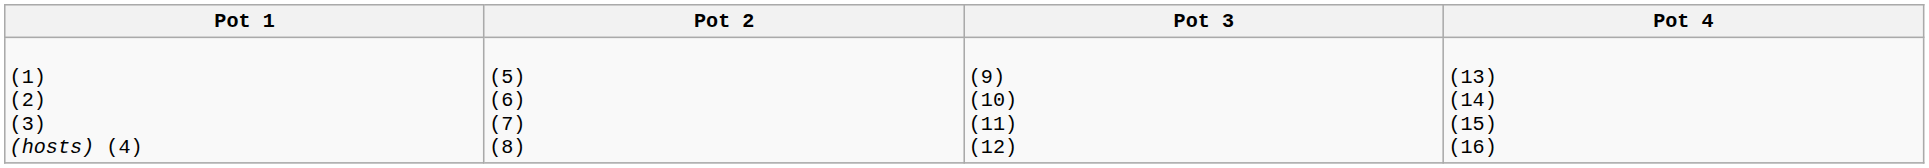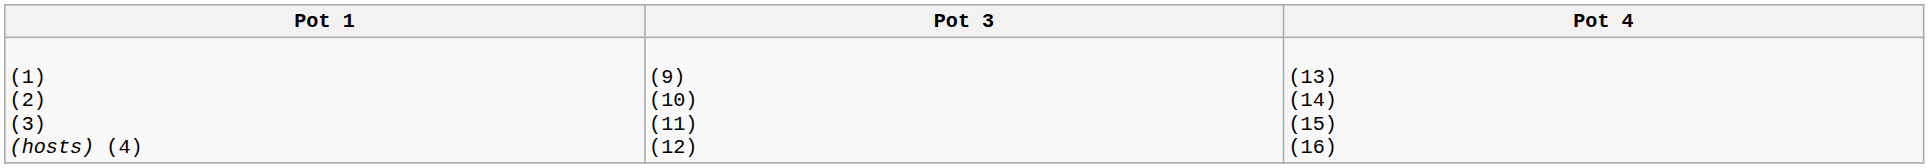 <table class="wikitable" style="width:98%">
 <tr>
 <th width=25%>Pot 1</th>
-<th width=25%>Pot 2</th>
 <th width=25%>Pot 3</th>
 <th width=25%>Pot 4</th>
 </tr>
 <tr>
 <td><br> (1) <br> (2) <br>  (3) <br>  <em>(hosts)</em> (4)</td>
-<td><br> (5) <br>  (6) <br>  (7) <br>  (8)</td>
 <td><br> (9) <br>  (10) <br>  (11) <br>  (12)</td>
 <td><br> (13) <br>  (14) <br>  (15) <br>  (16)</td>
 </tr>
 </table>
